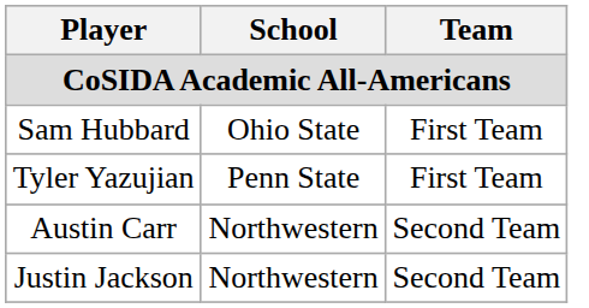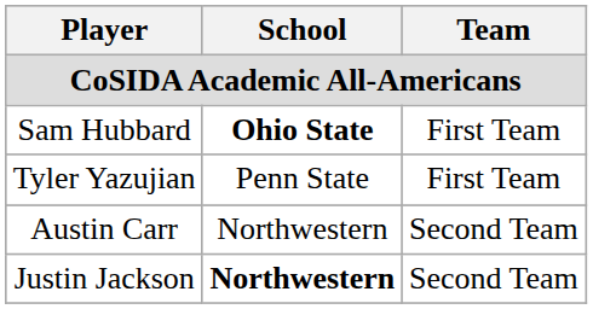 <table class="wikitable">
 <tr>
 <th>Player</th>
 <th>School</th>
 <th>Team</th>
 </tr>
 <tr>
 <td colspan="3" style="text-align:center; background:#ddd;"><strong>CoSIDA Academic All-Americans</strong></td>
 </tr>
 <tr style="text-align:center;">
 <td style="background:white">Sam Hubbard</td>
-<td style="background:white">Ohio State</td>
+<td style="background:white"><strong>Ohio State</strong></td>
 <td style="background:white">First Team</td>
 </tr>
 <tr style="text-align:center;">
 <td style="background:white">Tyler Yazujian</td>
 <td style="background:white">Penn State</td>
 <td style="background:white">First Team</td>
 </tr>
 <tr style="text-align:center;">
 <td style="background:white">Austin Carr</td>
 <td style="background:white">Northwestern</td>
 <td style="background:white">Second Team</td>
 </tr>
 <tr style="text-align:center;">
 <td style="background:white">Justin Jackson</td>
-<td style="background:white">Northwestern</td>
+<td style="background:white"><strong>Northwestern</strong></td>
 <td style="background:white">Second Team</td>
 </tr>
 </table>
